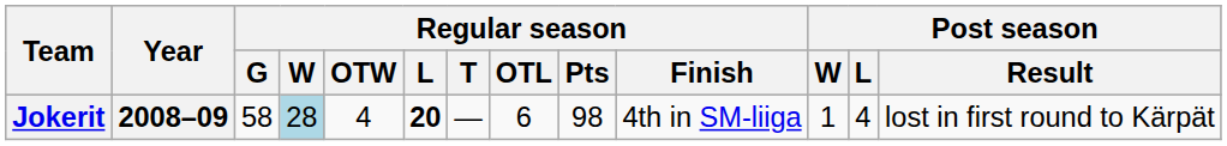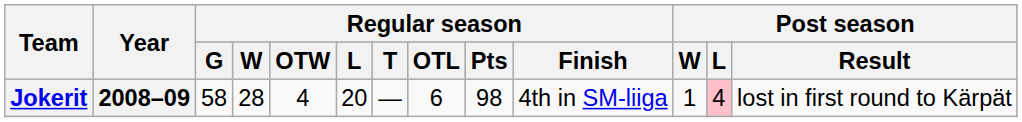 <table class="wikitable" style="font-size: 95%; text-align:center;">
 <tr>
 <th rowspan="2">Team</th>
 <th rowspan="2">Year</th>
 <th colspan="8">Regular season</th>
 <th colspan="3">Post season</th>
 </tr>
 <tr>
 <th>G</th>
 <th>W</th>
 <th>OTW</th>
 <th>L</th>
 <th>T</th>
 <th>OTL</th>
 <th>Pts</th>
 <th>Finish</th>
 <th>W</th>
 <th>L</th>
 <th>Result</th>
 </tr>
 <tr>
 <th><a href='#'>Jokerit</a></th>
 <th>2008–09</th>
 <td>58</td>
-<td style="background: lightblue;">28</td>
+<td>28</td>
 <td>4</td>
-<td><strong>20</strong></td>
+<td>20</td>
 <td>—</td>
 <td>6</td>
 <td>98</td>
 <td>4th in <a href='#'>SM-liiga</a></td>
 <td>1</td>
-<td>4</td>
+<td style="background: pink;">4</td>
 <td>lost in first round to Kärpät</td>
 </tr>
 </table>
